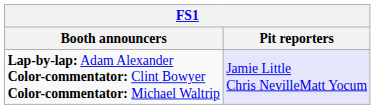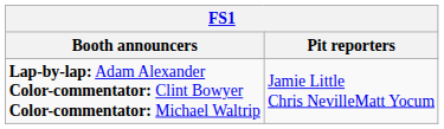 <table class="wikitable" style="font-size: 95%;">
 <tr>
 <th colspan="2"><a href='#'>FS1</a></th>
 </tr>
 <tr>
 <th>Booth announcers</th>
 <th>Pit reporters</th>
 </tr>
 <tr>
 <td><strong>Lap-by-lap:</strong> <a href='#'>Adam Alexander</a><br><strong>Color-commentator:</strong> <a href='#'>Clint Bowyer</a><br><strong>Color-commentator:</strong> <a href='#'>Michael Waltrip</a></td>
-<td style="background: lavender;"><a href='#'>Jamie Little</a><br><a href='#'>Chris Neville</a><a href='#'>Matt Yocum</a></td>
+<td><a href='#'>Jamie Little</a><br><a href='#'>Chris Neville</a><a href='#'>Matt Yocum</a></td>
 </tr>
 </table>
